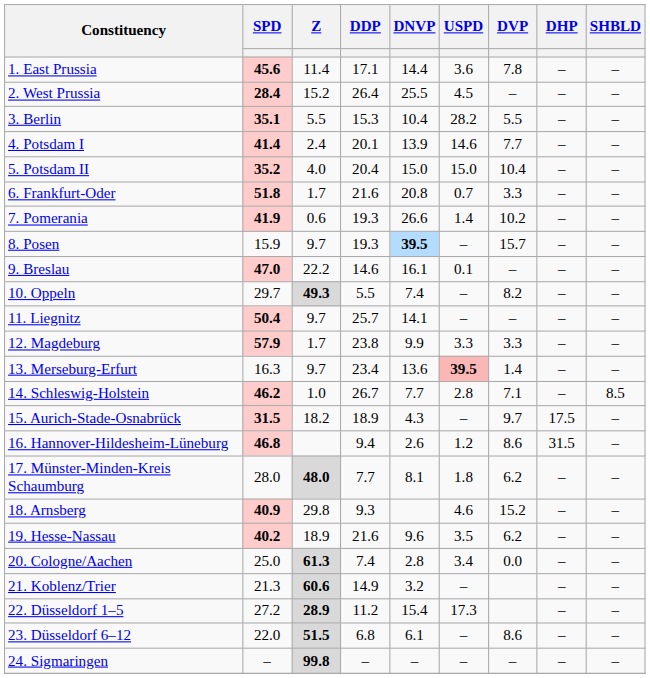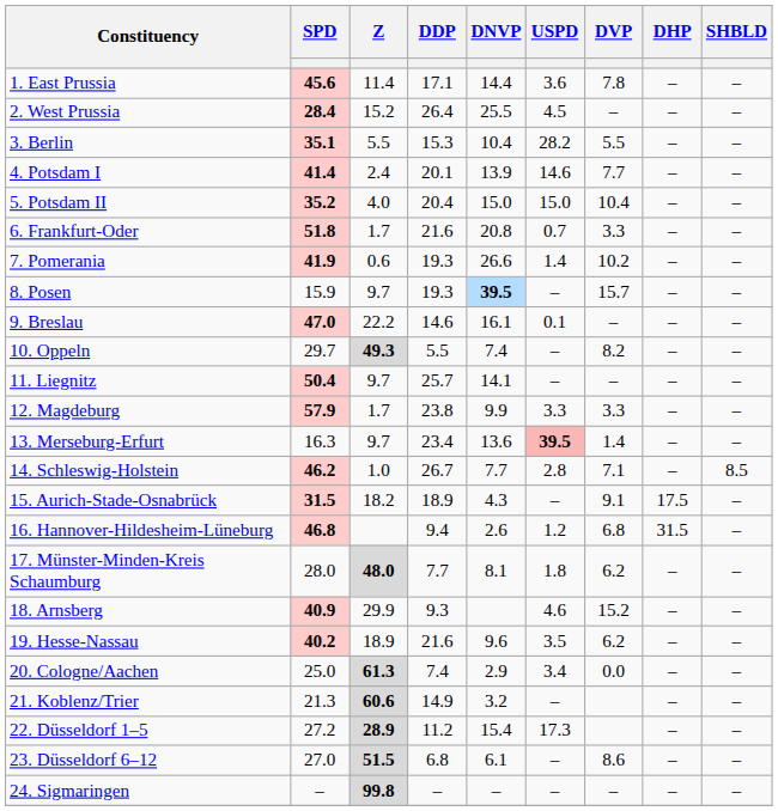 <table class="wikitable sortable" style="text-align:center; font-size:90%;">
 <tr style="height:42px; text-align:center; background-color:#E9E9E9;">
 <th rowspan="2" style="width:220px;">Constituency</th>
 <th style="width:40px;"><a href='#'>SPD</a></th>
 <th style="width:40px;"><a href='#'>Z</a></th>
 <th style="width:40px;"><a href='#'>DDP</a></th>
 <th style="width:40px;"><a href='#'>DNVP</a></th>
 <th style="width:40px;"><a href='#'>USPD</a></th>
 <th style="width:40px;"><a href='#'>DVP</a></th>
 <th style="width:40px;"><a href='#'>DHP</a></th>
 <th style="width:40px;"><a href='#'>SHBLD</a></th>
 </tr>
 <tr>
 <th data-sort-type="number" style="height:1px; background:"></th>
 <th data-sort-type="number" style="height:1px; background:"></th>
 <th data-sort-type="number" style="height:1px; background:"></th>
 <th data-sort-type="number" style="height:1px; background:"></th>
 <th data-sort-type="number" style="height:1px; background:"></th>
 <th data-sort-type="number" style="height:1px; background:"></th>
 <th data-sort-type="number" style="height:1px; background:"></th>
 <th data-sort-type="number" style="height:1px; background: "></th>
 </tr>
 <tr>
 <td align="left"><a href='#'>1. East Prussia</a></td>
 <td style="background:#FFCCCC"><strong>45.6</strong></td>
 <td>11.4</td>
 <td>17.1</td>
 <td>14.4</td>
 <td>3.6</td>
 <td>7.8</td>
 <td>–</td>
 <td>–</td>
 </tr>
 <tr>
 <td align="left"><a href='#'>2. West Prussia</a></td>
 <td style="background:#FFCCCC"><strong>28.4</strong></td>
 <td>15.2</td>
 <td>26.4</td>
 <td>25.5</td>
 <td>4.5</td>
 <td>–</td>
 <td>–</td>
 <td>–</td>
 </tr>
 <tr>
 <td align="left"><a href='#'>3. Berlin</a></td>
 <td style="background:#FFCCCC"><strong>35.1</strong></td>
 <td>5.5</td>
 <td>15.3</td>
 <td>10.4</td>
 <td>28.2</td>
 <td>5.5</td>
 <td>–</td>
 <td>–</td>
 </tr>
 <tr>
 <td align="left"><a href='#'>4. Potsdam I</a></td>
 <td style="background:#FFCCCC"><strong>41.4</strong></td>
 <td>2.4</td>
 <td>20.1</td>
 <td>13.9</td>
 <td>14.6</td>
 <td>7.7</td>
 <td>–</td>
 <td>–</td>
 </tr>
 <tr>
 <td align="left"><a href='#'>5. Potsdam II</a></td>
 <td style="background:#FFCCCC"><strong>35.2</strong></td>
 <td>4.0</td>
 <td>20.4</td>
 <td>15.0</td>
 <td>15.0</td>
 <td>10.4</td>
 <td>–</td>
 <td>–</td>
 </tr>
 <tr>
 <td align="left"><a href='#'>6. Frankfurt-Oder</a></td>
 <td style="background:#FFCCCC"><strong>51.8</strong></td>
 <td>1.7</td>
 <td>21.6</td>
 <td>20.8</td>
 <td>0.7</td>
 <td>3.3</td>
 <td>–</td>
 <td>–</td>
 </tr>
 <tr>
 <td align="left"><a href='#'>7. Pomerania</a></td>
 <td style="background:#FFCCCC"><strong>41.9</strong></td>
 <td>0.6</td>
 <td>19.3</td>
 <td>26.6</td>
 <td>1.4</td>
 <td>10.2</td>
 <td>–</td>
 <td>–</td>
 </tr>
 <tr>
 <td align="left"><a href='#'>8. Posen</a></td>
 <td>15.9</td>
 <td>9.7</td>
 <td>19.3</td>
 <td style="background:#B3DCFF"><strong>39.5</strong></td>
 <td>–</td>
 <td>15.7</td>
 <td>–</td>
 <td>–</td>
 </tr>
 <tr>
 <td align="left"><a href='#'>9. Breslau</a></td>
 <td style="background:#FFCCCC"><strong>47.0</strong></td>
 <td>22.2</td>
 <td>14.6</td>
 <td>16.1</td>
 <td>0.1</td>
 <td>–</td>
 <td>–</td>
 <td>–</td>
 </tr>
 <tr>
 <td align="left"><a href='#'>10. Oppeln</a></td>
 <td>29.7</td>
 <td style="background:#D9D9D9"><strong>49.3</strong></td>
 <td>5.5</td>
 <td>7.4</td>
 <td>–</td>
 <td>8.2</td>
 <td>–</td>
 <td>–</td>
 </tr>
 <tr>
 <td align="left"><a href='#'>11. Liegnitz</a></td>
 <td style="background:#FFCCCC"><strong>50.4</strong></td>
 <td>9.7</td>
 <td>25.7</td>
 <td>14.1</td>
 <td>–</td>
 <td>–</td>
 <td>–</td>
 <td>–</td>
 </tr>
 <tr>
 <td align="left"><a href='#'>12. Magdeburg</a></td>
 <td style="background:#FFCCCC"><strong>57.9</strong></td>
 <td>1.7</td>
 <td>23.8</td>
 <td>9.9</td>
 <td>3.3</td>
 <td>3.3</td>
 <td>–</td>
 <td>–</td>
 </tr>
 <tr>
 <td align="left"><a href='#'>13. Merseburg-Erfurt</a></td>
 <td>16.3</td>
 <td>9.7</td>
 <td>23.4</td>
 <td>13.6</td>
 <td style="background:#FBB6B6"><strong>39.5</strong></td>
 <td>1.4</td>
 <td>–</td>
 <td>–</td>
 </tr>
 <tr>
 <td align="left"><a href='#'>14. Schleswig-Holstein</a></td>
 <td style="background:#FFCCCC"><strong>46.2</strong></td>
 <td>1.0</td>
 <td>26.7</td>
 <td>7.7</td>
 <td>2.8</td>
 <td>7.1</td>
 <td>–</td>
 <td>8.5</td>
 </tr>
 <tr>
 <td align="left"><a href='#'>15. Aurich-Stade-Osnabrück</a></td>
 <td style="background:#FFCCCC"><strong>31.5</strong></td>
 <td>18.2</td>
 <td>18.9</td>
 <td>4.3</td>
 <td>–</td>
-<td>9.7</td>
+<td>9.1</td>
 <td>17.5</td>
 <td>–</td>
 </tr>
 <tr>
 <td align="left"><a href='#'>16. Hannover-Hildesheim-Lüneburg</a></td>
 <td style="background:#FFCCCC"><strong>46.8</strong></td>
 <td></td>
 <td>9.4</td>
 <td>2.6</td>
 <td>1.2</td>
-<td>8.6</td>
+<td>6.8</td>
 <td>31.5</td>
 <td>–</td>
 </tr>
 <tr>
 <td align="left"><a href='#'>17. Münster-Minden-Kreis Schaumburg</a></td>
 <td>28.0</td>
 <td style="background:#D9D9D9"><strong>48.0</strong></td>
 <td>7.7</td>
 <td>8.1</td>
 <td>1.8</td>
 <td>6.2</td>
 <td>–</td>
 <td>–</td>
 </tr>
 <tr>
 <td align="left"><a href='#'>18. Arnsberg</a></td>
 <td style="background:#FFCCCC"><strong>40.9</strong></td>
-<td>29.8</td>
+<td>29.9</td>
 <td>9.3</td>
 <td></td>
 <td>4.6</td>
 <td>15.2</td>
 <td>–</td>
 <td>–</td>
 </tr>
 <tr>
 <td align="left"><a href='#'>19. Hesse-Nassau</a></td>
 <td style="background:#FFCCCC"><strong>40.2</strong></td>
 <td>18.9</td>
 <td>21.6</td>
 <td>9.6</td>
 <td>3.5</td>
 <td>6.2</td>
 <td>–</td>
 <td>–</td>
 </tr>
 <tr>
 <td align="left"><a href='#'>20. Cologne/Aachen</a></td>
 <td>25.0</td>
 <td style="background:#D9D9D9"><strong>61.3</strong></td>
 <td>7.4</td>
-<td>2.8</td>
+<td>2.9</td>
 <td>3.4</td>
 <td>0.0</td>
 <td>–</td>
 <td>–</td>
 </tr>
 <tr>
 <td align="left"><a href='#'>21. Koblenz/Trier</a></td>
 <td>21.3</td>
 <td style="background:#D9D9D9"><strong>60.6</strong></td>
 <td>14.9</td>
 <td>3.2</td>
 <td>–</td>
 <td></td>
 <td>–</td>
 <td>–</td>
 </tr>
 <tr>
 <td align="left"><a href='#'>22. Düsseldorf 1–5</a></td>
 <td>27.2</td>
 <td style="background:#D9D9D9"><strong>28.9</strong></td>
 <td>11.2</td>
 <td>15.4</td>
 <td>17.3</td>
 <td></td>
 <td>–</td>
 <td>–</td>
 </tr>
 <tr>
 <td align="left"><a href='#'>23. Düsseldorf 6–12</a></td>
-<td>22.0</td>
+<td>27.0</td>
 <td style="background:#D9D9D9"><strong>51.5</strong></td>
 <td>6.8</td>
 <td>6.1</td>
 <td>–</td>
 <td>8.6</td>
 <td>–</td>
 <td>–</td>
 </tr>
 <tr>
 <td align="left"><a href='#'>24. Sigmaringen</a></td>
 <td>–</td>
 <td style="background:#D9D9D9"><strong>99.8</strong></td>
 <td>–</td>
 <td>–</td>
 <td>–</td>
 <td>–</td>
 <td>–</td>
 <td>–</td>
 </tr>
 <tr>
 </tr>
 </table>
